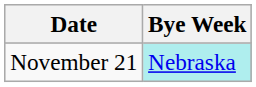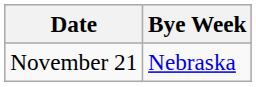 <table class="wikitable" style="font-size:95%;">
 <tr>
 <th>Date</th>
 <th colspan="1">Bye Week</th>
 </tr>
 <tr>
 <td>November 21</td>
-<td style="background: paleturquoise;"><a href='#'>Nebraska</a></td>
+<td><a href='#'>Nebraska</a></td>
 </tr>
 </table>
